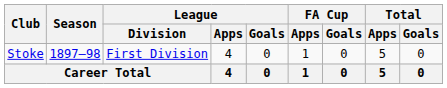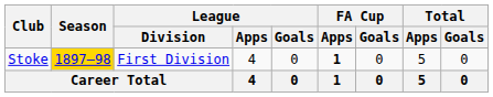 <table class="wikitable" style="text-align: center;">
 <tr>
 <th rowspan="2">Club</th>
 <th rowspan="2">Season</th>
 <th colspan="3">League</th>
 <th colspan="2">FA Cup</th>
 <th colspan="2">Total</th>
 </tr>
 <tr>
 <th>Division</th>
 <th>Apps</th>
 <th>Goals</th>
 <th>Apps</th>
 <th>Goals</th>
 <th>Apps</th>
 <th>Goals</th>
 </tr>
 <tr>
 <td><a href='#'>Stoke</a></td>
-<td><a href='#'>1897–98</a></td>
+<td style="background: gold;"><a href='#'>1897–98</a></td>
 <td><a href='#'>First Division</a></td>
 <td>4</td>
 <td>0</td>
-<td>1</td>
+<td><strong>1</strong></td>
 <td>0</td>
 <td>5</td>
 <td>0</td>
 </tr>
 <tr>
 <th colspan="3">Career Total</th>
 <th>4</th>
 <th>0</th>
 <th>1</th>
 <th>0</th>
 <th>5</th>
 <th>0</th>
 </tr>
 </table>
